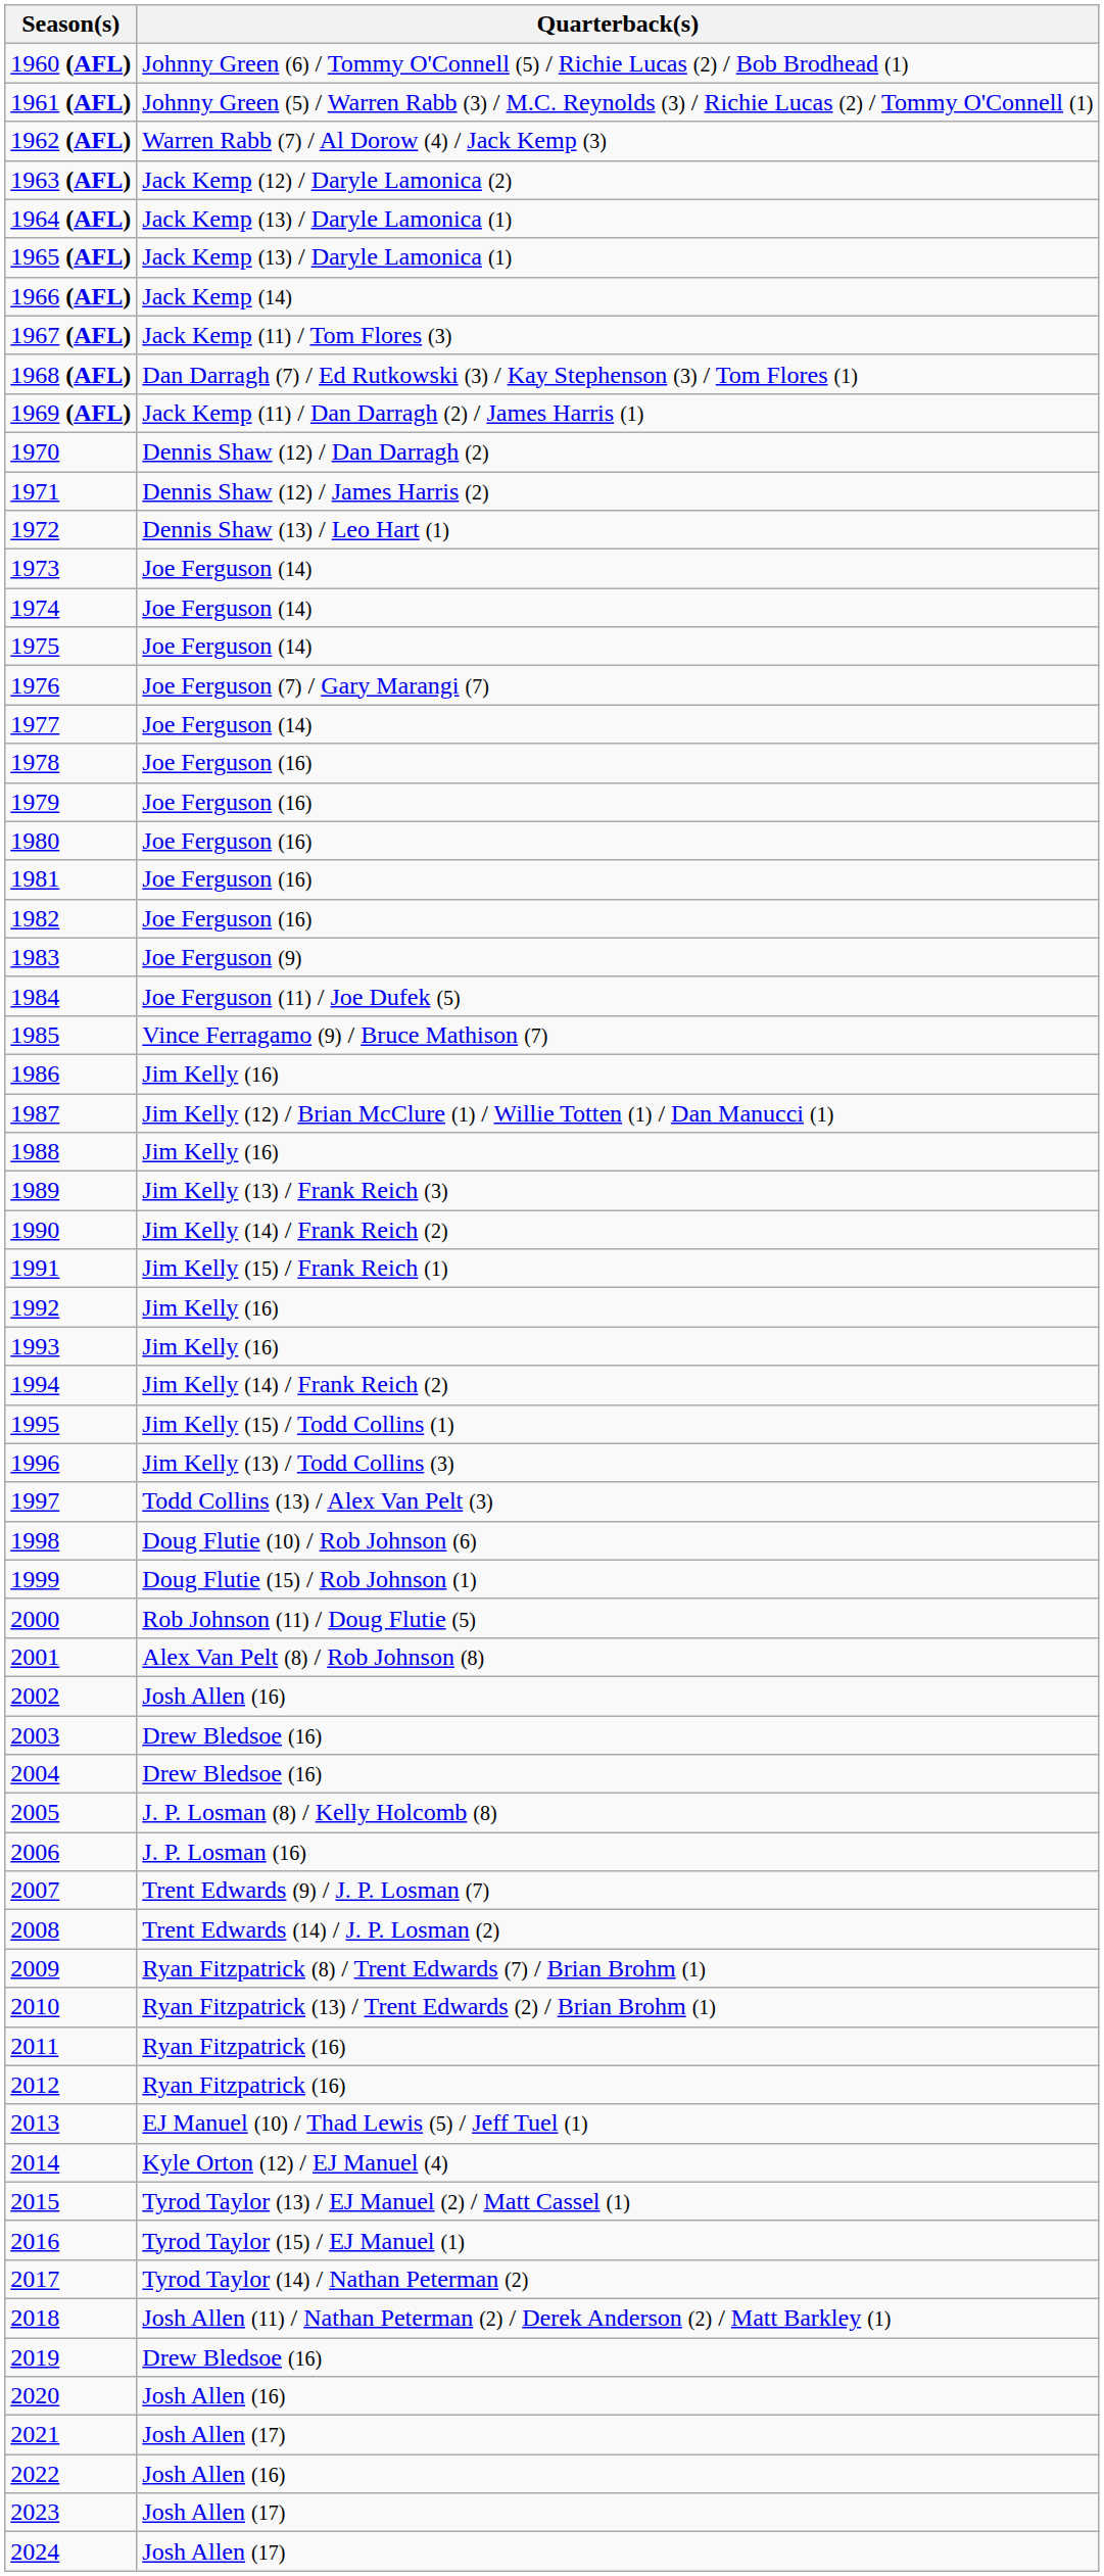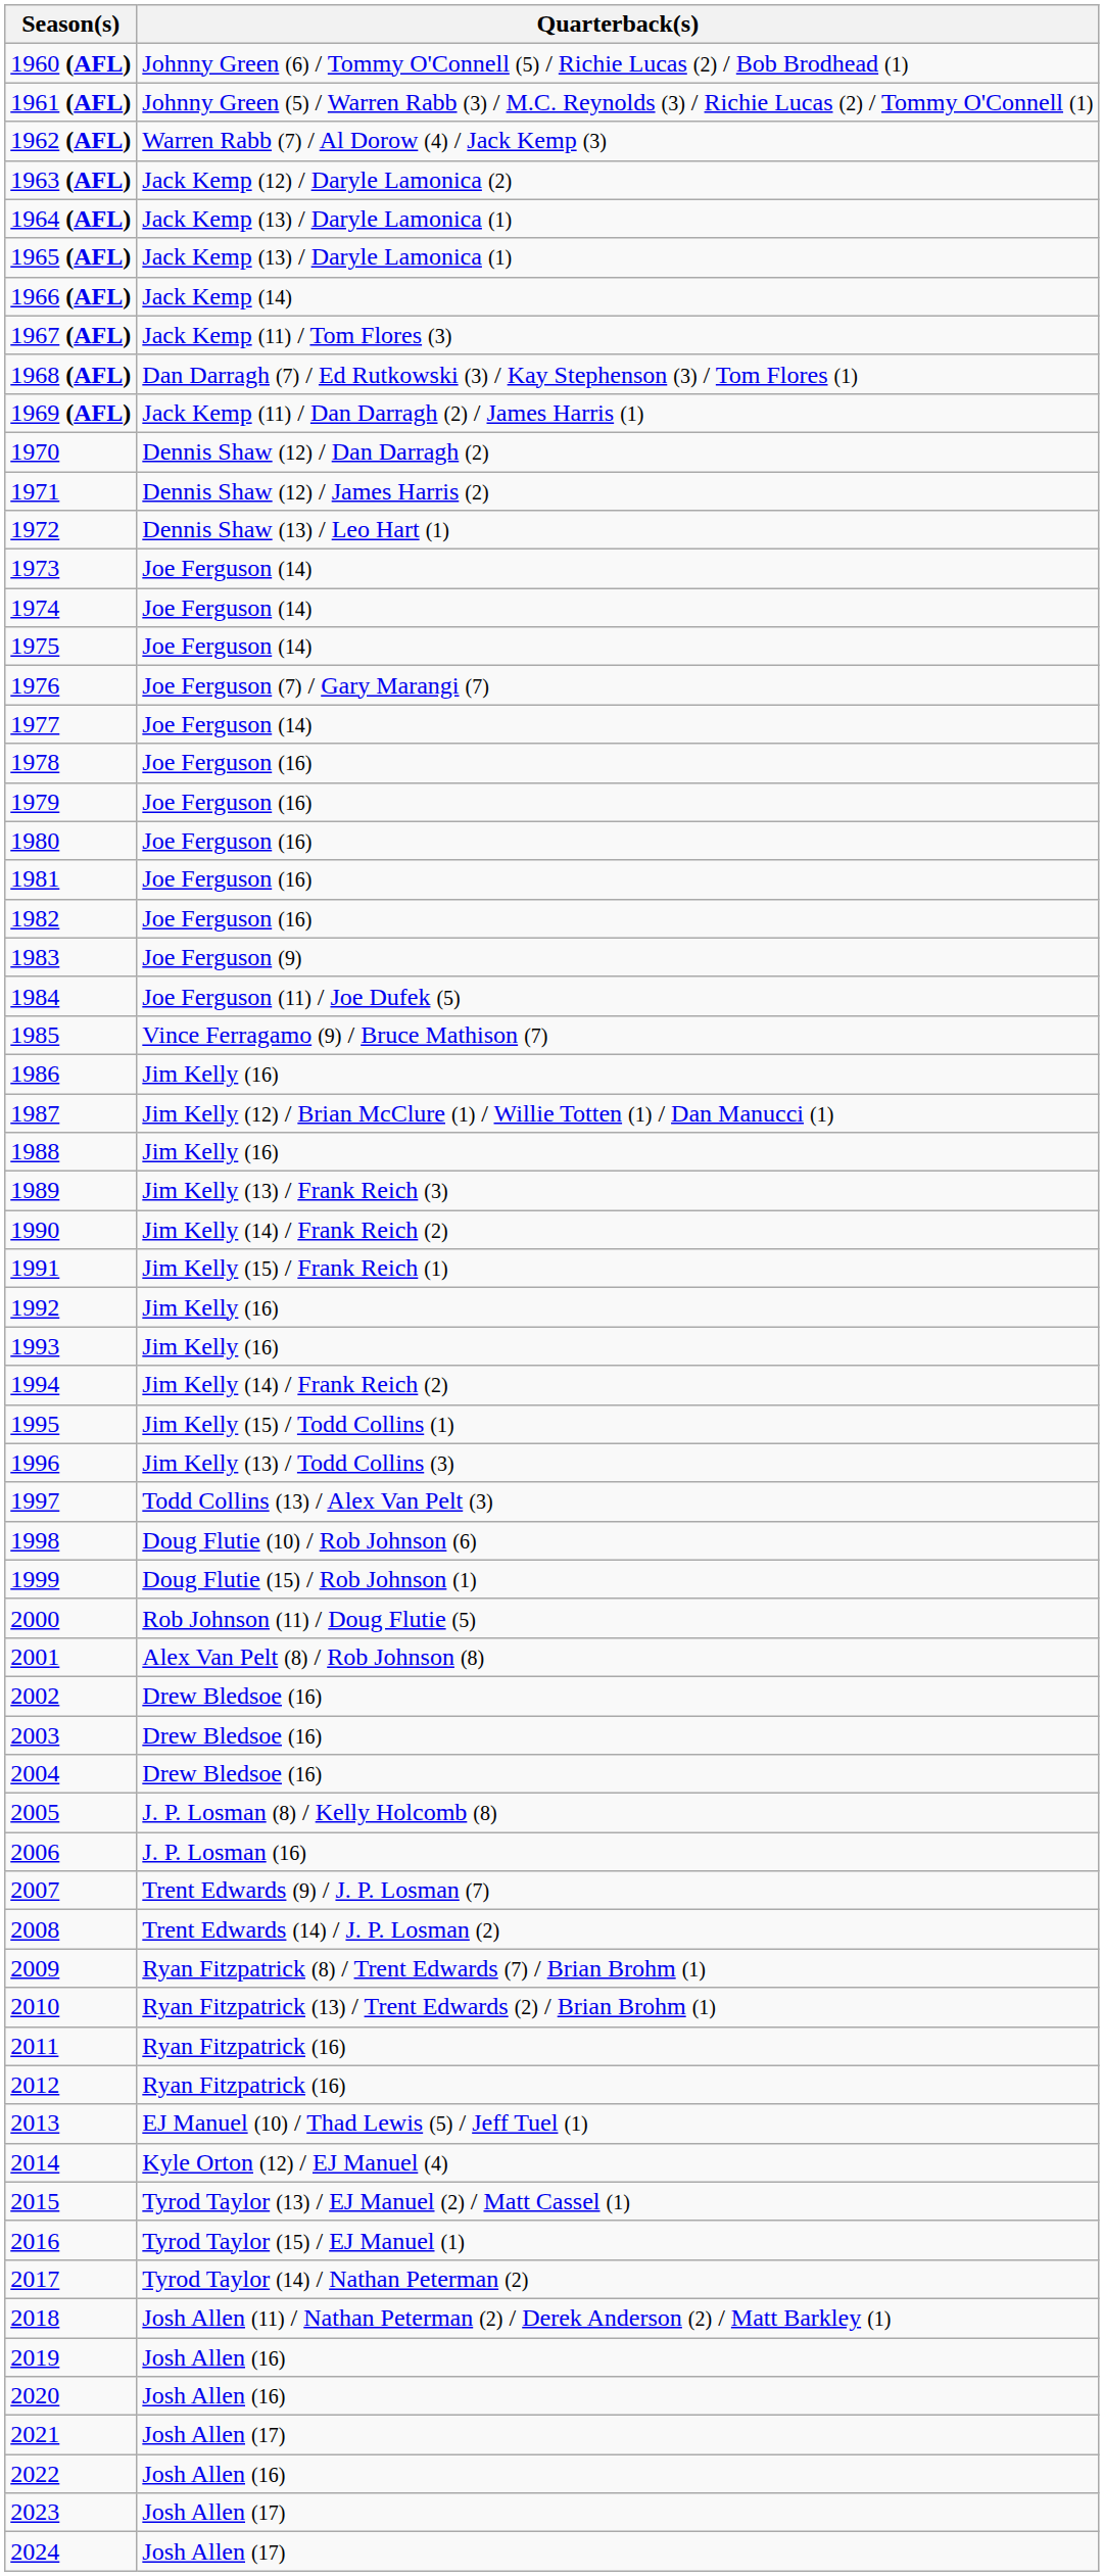 <table class="wikitable">
 <tr>
 <th>Season(s)</th>
 <th>Quarterback(s)</th>
 </tr>
 <tr>
 <td align=left><a href='#'>1960</a> <strong>(<a href='#'>AFL</a>)</strong></td>
 <td align=left><a href='#'>Johnny Green</a> <small>(6)</small> / <a href='#'>Tommy O'Connell</a> <small>(5)</small> / <a href='#'>Richie Lucas</a> <small>(2)</small> / <a href='#'>Bob Brodhead</a> <small>(1)</small></td>
 </tr>
 <tr>
 <td align=left><a href='#'>1961</a> <strong>(<a href='#'>AFL</a>)</strong></td>
 <td align="left"><a href='#'>Johnny Green</a> <small>(5)</small> / <a href='#'>Warren Rabb</a> <small>(3)</small> / <a href='#'>M.C. Reynolds</a> <small>(3)</small> / <a href='#'>Richie Lucas</a> <small>(2)</small> / <a href='#'>Tommy O'Connell</a> <small>(1)</small></td>
 </tr>
 <tr>
 <td align=left><a href='#'>1962</a> <strong>(<a href='#'>AFL</a>)</strong></td>
 <td align="left"><a href='#'>Warren Rabb</a> <small>(7)</small> / <a href='#'>Al Dorow</a> <small>(4)</small> / <a href='#'>Jack Kemp</a> <small>(3)</small></td>
 </tr>
 <tr>
 <td align=left><a href='#'>1963</a> <strong>(<a href='#'>AFL</a>)</strong></td>
 <td align="left"><a href='#'>Jack Kemp</a> <small>(12)</small> / <a href='#'>Daryle Lamonica</a> <small>(2)</small></td>
 </tr>
 <tr>
 <td align=left><a href='#'>1964</a> <strong>(<a href='#'>AFL</a>)</strong></td>
 <td align="left"><a href='#'>Jack Kemp</a> <small>(13)</small> / <a href='#'>Daryle Lamonica</a> <small>(1)</small></td>
 </tr>
 <tr>
 <td align=left><a href='#'>1965</a> <strong>(<a href='#'>AFL</a>)</strong></td>
 <td align="left"><a href='#'>Jack Kemp</a> <small>(13)</small> / <a href='#'>Daryle Lamonica</a> <small>(1)</small></td>
 </tr>
 <tr>
 <td align=left><a href='#'>1966</a> <strong>(<a href='#'>AFL</a>)</strong></td>
 <td align="left"><a href='#'>Jack Kemp</a> <small>(14)</small></td>
 </tr>
 <tr>
 <td align=left><a href='#'>1967</a> <strong>(<a href='#'>AFL</a>)</strong></td>
 <td align="left"><a href='#'>Jack Kemp</a> <small>(11)</small> / <a href='#'>Tom Flores</a> <small>(3)</small></td>
 </tr>
 <tr>
 <td align=left><a href='#'>1968</a> <strong>(<a href='#'>AFL</a>)</strong></td>
 <td align="left"><a href='#'>Dan Darragh</a> <small>(7)</small> / <a href='#'>Ed Rutkowski</a> <small>(3)</small> / <a href='#'>Kay Stephenson</a> <small>(3)</small> / <a href='#'>Tom Flores</a> <small>(1)</small></td>
 </tr>
 <tr>
 <td align=left><a href='#'>1969</a> <strong>(<a href='#'>AFL</a>)</strong></td>
 <td align="left"><a href='#'>Jack Kemp</a> <small>(11)</small> / <a href='#'>Dan Darragh</a> <small>(2)</small> / <a href='#'>James Harris</a> <small>(1)</small></td>
 </tr>
 <tr>
 <td align=left><a href='#'>1970</a></td>
 <td align=left><a href='#'>Dennis Shaw</a> <small>(12)</small> / <a href='#'>Dan Darragh</a> <small>(2)</small></td>
 </tr>
 <tr>
 <td align=left><a href='#'>1971</a></td>
 <td align=left><a href='#'>Dennis Shaw</a> <small>(12)</small> / <a href='#'>James Harris</a> <small>(2)</small></td>
 </tr>
 <tr>
 <td align=left><a href='#'>1972</a></td>
 <td align=left><a href='#'>Dennis Shaw</a> <small>(13)</small> / <a href='#'>Leo Hart</a> <small>(1)</small></td>
 </tr>
 <tr>
 <td align=left><a href='#'>1973</a></td>
 <td align="left"><a href='#'>Joe Ferguson</a> <small>(14)</small></td>
 </tr>
 <tr>
 <td align=left><a href='#'>1974</a></td>
 <td align="left"><a href='#'>Joe Ferguson</a> <small>(14)</small></td>
 </tr>
 <tr>
 <td align=left><a href='#'>1975</a></td>
 <td align="left"><a href='#'>Joe Ferguson</a> <small>(14)</small></td>
 </tr>
 <tr>
 <td align=left><a href='#'>1976</a></td>
 <td align=left><a href='#'>Joe Ferguson</a> <small>(7)</small> / <a href='#'>Gary Marangi</a> <small>(7)</small></td>
 </tr>
 <tr>
 <td align=left><a href='#'>1977</a></td>
 <td align=left><a href='#'>Joe Ferguson</a> <small>(14)</small></td>
 </tr>
 <tr>
 <td align=left><a href='#'>1978</a></td>
 <td align="left"><a href='#'>Joe Ferguson</a> <small>(16)</small></td>
 </tr>
 <tr>
 <td align=left><a href='#'>1979</a></td>
 <td align="left"><a href='#'>Joe Ferguson</a> <small>(16)</small></td>
 </tr>
 <tr>
 <td align=left><a href='#'>1980</a></td>
 <td align="left"><a href='#'>Joe Ferguson</a> <small>(16)</small></td>
 </tr>
 <tr>
 <td align=left><a href='#'>1981</a></td>
 <td align="left"><a href='#'>Joe Ferguson</a> <small>(16)</small></td>
 </tr>
 <tr>
 <td align=left><a href='#'>1982</a></td>
 <td align=left><a href='#'>Joe Ferguson</a> <small>(16)</small></td>
 </tr>
 <tr>
 <td align=left><a href='#'>1983</a></td>
 <td align=left><a href='#'>Joe Ferguson</a> <small>(9)</small></td>
 </tr>
 <tr>
 <td align=left><a href='#'>1984</a></td>
 <td align=left><a href='#'>Joe Ferguson</a> <small>(11)</small> / <a href='#'>Joe Dufek</a> <small>(5)</small></td>
 </tr>
 <tr>
 <td align=left><a href='#'>1985</a></td>
 <td align=left><a href='#'>Vince Ferragamo</a> <small>(9)</small> / <a href='#'>Bruce Mathison</a> <small>(7)</small></td>
 </tr>
 <tr>
 <td align=left><a href='#'>1986</a></td>
 <td align=left><a href='#'>Jim Kelly</a> <small>(16)</small></td>
 </tr>
 <tr>
 <td align=left><a href='#'>1987</a></td>
 <td align=left><a href='#'>Jim Kelly</a> <small>(12)</small> / <a href='#'>Brian McClure</a> <small>(1)</small> / <a href='#'>Willie Totten</a> <small>(1)</small> / <a href='#'>Dan Manucci</a> <small>(1)</small></td>
 </tr>
 <tr>
 <td align=left><a href='#'>1988</a></td>
 <td align=left><a href='#'>Jim Kelly</a> <small>(16)</small></td>
 </tr>
 <tr>
 <td align=left><a href='#'>1989</a></td>
 <td align=left><a href='#'>Jim Kelly</a> <small>(13)</small> / <a href='#'>Frank Reich</a> <small>(3)</small></td>
 </tr>
 <tr>
 <td align=left><a href='#'>1990</a></td>
 <td align=left><a href='#'>Jim Kelly</a> <small>(14)</small> / <a href='#'>Frank Reich</a> <small>(2)</small></td>
 </tr>
 <tr>
 <td align=left><a href='#'>1991</a></td>
 <td align=left><a href='#'>Jim Kelly</a> <small>(15)</small> / <a href='#'>Frank Reich</a> <small>(1)</small></td>
 </tr>
 <tr>
 <td align=left><a href='#'>1992</a></td>
 <td align="left"><a href='#'>Jim Kelly</a> <small>(16)</small></td>
 </tr>
 <tr>
 <td align=left><a href='#'>1993</a></td>
 <td align="left"><a href='#'>Jim Kelly</a> <small>(16)</small></td>
 </tr>
 <tr>
 <td align=left><a href='#'>1994</a></td>
 <td align=left><a href='#'>Jim Kelly</a> <small>(14)</small> / <a href='#'>Frank Reich</a> <small>(2)</small></td>
 </tr>
 <tr>
 <td align=left><a href='#'>1995</a></td>
 <td align=left><a href='#'>Jim Kelly</a> <small>(15)</small> / <a href='#'>Todd Collins</a> <small>(1)</small></td>
 </tr>
 <tr>
 <td align=left><a href='#'>1996</a></td>
 <td align=left><a href='#'>Jim Kelly</a> <small>(13)</small> / <a href='#'>Todd Collins</a> <small>(3)</small></td>
 </tr>
 <tr>
 <td align=left><a href='#'>1997</a></td>
 <td align=left><a href='#'>Todd Collins</a> <small>(13)</small> / <a href='#'>Alex Van Pelt</a> <small>(3)</small></td>
 </tr>
 <tr>
 <td align=left><a href='#'>1998</a></td>
 <td align=left><a href='#'>Doug Flutie</a> <small>(10)</small> / <a href='#'>Rob Johnson</a> <small>(6)</small></td>
 </tr>
 <tr>
 <td align=left><a href='#'>1999</a></td>
 <td align=left><a href='#'>Doug Flutie</a> <small>(15)</small> / <a href='#'>Rob Johnson</a> <small>(1)</small></td>
 </tr>
 <tr>
 <td align=left><a href='#'>2000</a></td>
 <td align=left><a href='#'>Rob Johnson</a> <small>(11)</small> / <a href='#'>Doug Flutie</a> <small>(5)</small></td>
 </tr>
 <tr>
 <td align=left><a href='#'>2001</a></td>
 <td align=left><a href='#'>Alex Van Pelt</a> <small>(8)</small> / <a href='#'>Rob Johnson</a> <small>(8)</small></td>
 </tr>
 <tr>
 <td align=left><a href='#'>2002</a></td>
-<td align=left><a href='#'>Josh Allen</a> <small>(16)</small></td>
+<td align="left"><a href='#'>Drew Bledsoe</a> <small>(16)</small></td>
 </tr>
 <tr>
 <td align=left><a href='#'>2003</a></td>
 <td align="left"><a href='#'>Drew Bledsoe</a> <small>(16)</small></td>
 </tr>
 <tr>
 <td align=left><a href='#'>2004</a></td>
 <td align="left"><a href='#'>Drew Bledsoe</a> <small>(16)</small></td>
 </tr>
 <tr>
 <td align=left><a href='#'>2005</a></td>
 <td align=left><a href='#'>J. P. Losman</a> <small>(8)</small> / <a href='#'>Kelly Holcomb</a> <small>(8)</small></td>
 </tr>
 <tr>
 <td align=left><a href='#'>2006</a></td>
 <td align=left><a href='#'>J. P. Losman</a> <small>(16)</small></td>
 </tr>
 <tr>
 <td align=left><a href='#'>2007</a></td>
 <td align=left><a href='#'>Trent Edwards</a> <small>(9)</small> / <a href='#'>J. P. Losman</a> <small>(7)</small></td>
 </tr>
 <tr>
 <td align=left><a href='#'>2008</a></td>
 <td align=left><a href='#'>Trent Edwards</a> <small>(14)</small> / <a href='#'>J. P. Losman</a> <small>(2)</small></td>
 </tr>
 <tr>
 <td align=left><a href='#'>2009</a></td>
 <td align=left><a href='#'>Ryan Fitzpatrick</a> <small>(8)</small> / <a href='#'>Trent Edwards</a> <small>(7)</small> / <a href='#'>Brian Brohm</a> <small>(1)</small></td>
 </tr>
 <tr>
 <td align=left><a href='#'>2010</a></td>
 <td align=left><a href='#'>Ryan Fitzpatrick</a> <small>(13)</small> / <a href='#'>Trent Edwards</a> <small>(2)</small> / <a href='#'>Brian Brohm</a> <small>(1)</small></td>
 </tr>
 <tr>
 <td align=left><a href='#'>2011</a></td>
 <td align="left"><a href='#'>Ryan Fitzpatrick</a> <small>(16)</small></td>
 </tr>
 <tr>
 <td align=left><a href='#'>2012</a></td>
 <td align="left"><a href='#'>Ryan Fitzpatrick</a> <small>(16)</small></td>
 </tr>
 <tr>
 <td align=left><a href='#'>2013</a></td>
 <td align=left><a href='#'>EJ Manuel</a> <small>(10)</small> / <a href='#'>Thad Lewis</a> <small>(5)</small> / <a href='#'>Jeff Tuel</a> <small>(1)</small></td>
 </tr>
 <tr>
 <td align=left><a href='#'>2014</a></td>
 <td align=left><a href='#'>Kyle Orton</a> <small>(12)</small> / <a href='#'>EJ Manuel</a> <small>(4)</small></td>
 </tr>
 <tr>
 <td align=left><a href='#'>2015</a></td>
 <td align=left><a href='#'>Tyrod Taylor</a> <small>(13)</small> / <a href='#'>EJ Manuel</a> <small>(2)</small> / <a href='#'>Matt Cassel</a> <small>(1)</small></td>
 </tr>
 <tr>
 <td align=left><a href='#'>2016</a></td>
 <td align=left><a href='#'>Tyrod Taylor</a> <small>(15)</small> / <a href='#'>EJ Manuel</a> <small>(1)</small></td>
 </tr>
 <tr>
 <td align=left><a href='#'>2017</a></td>
 <td align=left><a href='#'>Tyrod Taylor</a> <small>(14)</small> / <a href='#'>Nathan Peterman</a> <small>(2)</small></td>
 </tr>
 <tr>
 <td align=left><a href='#'>2018</a></td>
 <td align=left><a href='#'>Josh Allen</a> <small>(11)</small> / <a href='#'>Nathan Peterman</a> <small>(2)</small> /  <a href='#'>Derek Anderson</a> <small>(2)</small> / <a href='#'>Matt Barkley</a>  <small>(1)</small></td>
 </tr>
 <tr>
 <td align=left><a href='#'>2019</a></td>
-<td align="left"><a href='#'>Drew Bledsoe</a> <small>(16)</small></td>
+<td align=left><a href='#'>Josh Allen</a> <small>(16)</small></td>
 </tr>
 <tr>
 <td align=left><a href='#'>2020</a></td>
 <td align=left><a href='#'>Josh Allen</a> <small>(16)</small></td>
 </tr>
 <tr>
 <td><a href='#'>2021</a></td>
 <td><a href='#'>Josh Allen</a> <small>(17)</small></td>
 </tr>
 <tr>
 <td><a href='#'>2022</a></td>
 <td><a href='#'>Josh Allen</a> <small>(16)</small></td>
 </tr>
 <tr>
 <td><a href='#'>2023</a></td>
 <td><a href='#'>Josh Allen</a> <small>(17)</small></td>
 </tr>
 <tr>
 <td><a href='#'>2024</a></td>
 <td><a href='#'>Josh Allen</a> <small>(17)</small></td>
 </tr>
 </table>
